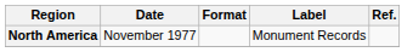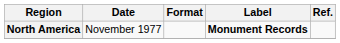 <table class="wikitable plainrowheaders">
 <tr>
 <th scope="col">Region</th>
 <th scope="col">Date</th>
 <th scope="col">Format</th>
 <th scope="col">Label</th>
 <th scope="col">Ref.</th>
 </tr>
 <tr>
 <th scope="row">North America</th>
 <td>November 1977</td>
 <td></td>
-<td>Monument Records</td>
+<td><strong>Monument Records</strong></td>
 <td></td>
 </tr>
 <tr>
 </tr>
 </table>
